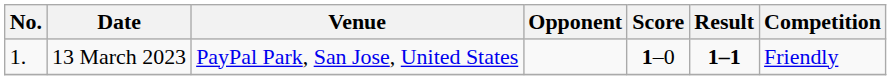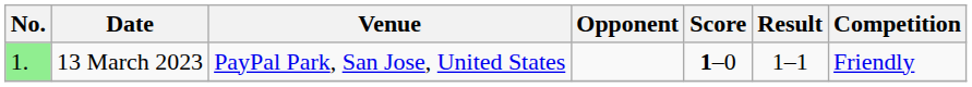 <table class="wikitable sortable">
 <tr>
 <th>No.</th>
 <th>Date</th>
 <th>Venue</th>
 <th>Opponent</th>
 <th>Score</th>
 <th>Result</th>
 <th>Competition</th>
 </tr>
 <tr>
-<td>1.</td>
+<td style="background: lightgreen;">1.</td>
 <td>13 March 2023</td>
 <td><a href='#'>PayPal Park</a>, <a href='#'>San Jose</a>, <a href='#'>United States</a></td>
 <td></td>
 <td align=center><strong>1</strong>–0</td>
-<td align=center><strong>1–1</strong></td>
+<td align=center>1–1</td>
 <td><a href='#'>Friendly</a></td>
 </tr>
 <tr>
 </tr>
 </table>
